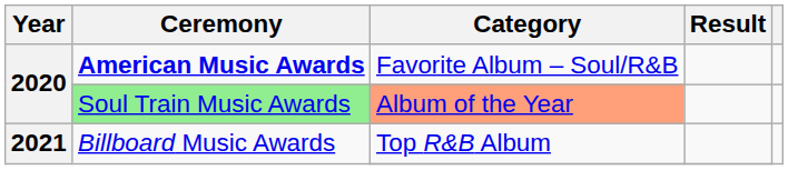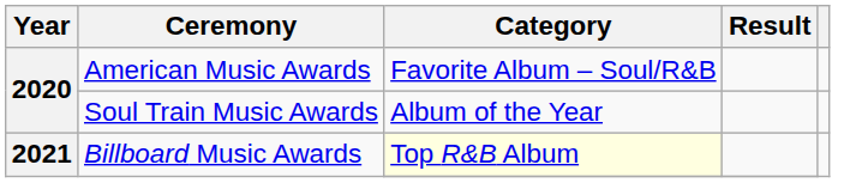 <table class="wikitable sortable plainrowheaders">
 <tr>
 <th scope="col">Year</th>
 <th scope="col">Ceremony</th>
 <th scope="col">Category</th>
 <th scope="col">Result</th>
 <th scope="col" class="unsortable"></th>
 </tr>
 <tr>
 <th scope="row" rowspan="2">2020</th>
-<td rowspan="1"><strong><a href='#'>American Music Awards</a></strong></td>
+<td rowspan="1"><a href='#'>American Music Awards</a></td>
 <td><a href='#'>Favorite Album – Soul/R&B</a></td>
 <td></td>
 <td rowspan="1"></td>
 </tr>
 <tr>
-<td style="background: lightgreen;"><a href='#'>Soul Train Music Awards</a></td>
-<td style="background: lightsalmon;"><a href='#'>Album of the Year</a></td>
+<td><a href='#'>Soul Train Music Awards</a></td>
+<td><a href='#'>Album of the Year</a></td>
 <td></td>
 <td></td>
 </tr>
 <tr>
 <th scope="row" rowspan="7">2021</th>
 <td rowspan="2"><a href='#'><em>Billboard</em> Music Awards</a></td>
-<td><a href='#'>Top <em>R&B</em> Album</a></td>
+<td style="background: lightyellow;"><a href='#'>Top <em>R&B</em> Album</a></td>
 <td></td>
 <td rowspan="2"></td>
 </tr>
 <tr>
 </tr>
 </table>
